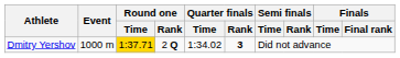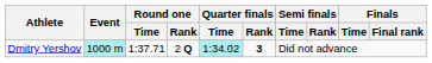 <table class="wikitable" style="font-size:90%">
 <tr>
 <th rowspan="2">Athlete</th>
 <th rowspan="2">Event</th>
 <th colspan="2">Round one</th>
 <th colspan="2">Quarter finals</th>
 <th colspan="2">Semi finals</th>
 <th colspan="2">Finals</th>
 </tr>
 <tr>
 <th>Time</th>
 <th>Rank</th>
 <th>Time</th>
 <th>Rank</th>
 <th>Time</th>
 <th>Rank</th>
 <th>Time</th>
 <th>Final rank</th>
 </tr>
 <tr>
 <td> <a href='#'>Dmitry Yershov</a></td>
-<td>1000 m</td>
-<td align="center" style="background: gold;">1:37.71</td>
+<td style="background: paleturquoise;">1000 m</td>
+<td align="center">1:37.71</td>
 <td align="center">2 <strong>Q</strong></td>
-<td align="center">1:34.02</td>
+<td align="center" style="background: paleturquoise;">1:34.02</td>
 <td align="center"><strong>3</strong></td>
 <td colspan="4">Did not advance</td>
 </tr>
 </table>
